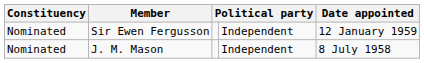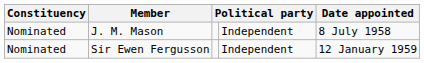 <table class="wikitable" border="1">
 <tr>
 <th>Constituency</th>
 <th>Member</th>
 <th colspan="2">Political party</th>
 <th>Date appointed</th>
 </tr>
 <tr>
+<td scope="row">Nominated</td>
+<td>J. M. Mason</td>
+<td></td>
+<td>Independent</td>
+<td>8 July 1958</td>
+</tr>
+<tr>
 <td>Nominated</td>
 <td>Sir Ewen Fergusson</td>
 <td></td>
 <td>Independent</td>
 <td>12 January 1959</td>
 </tr>
-<tr>
-<td scope="row">Nominated</td>
-<td>J. M. Mason</td>
-<td></td>
-<td>Independent</td>
-<td>8 July 1958</td>
-</tr>
 </table>
